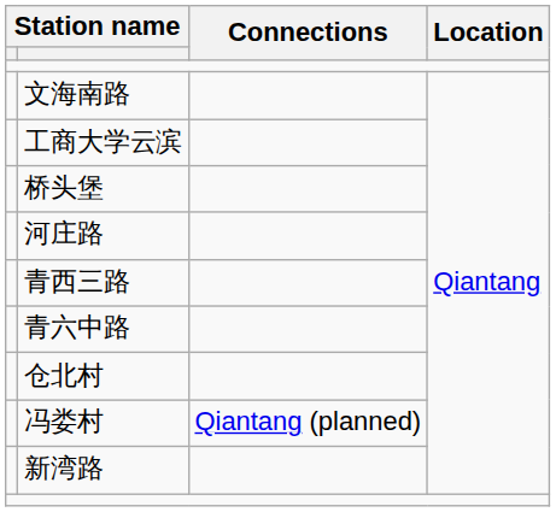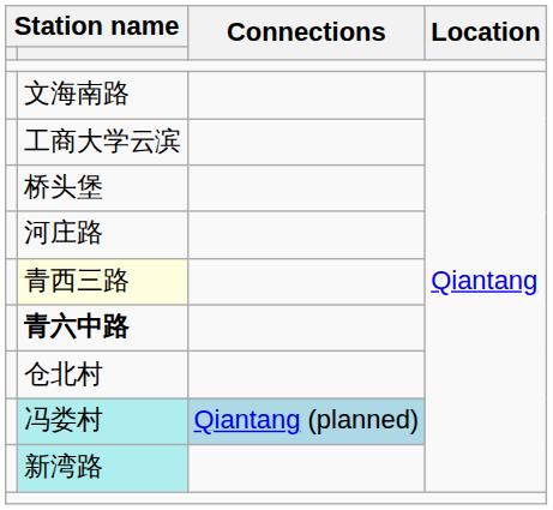 <table class="wikitable">
 <tr>
 <th colspan="2">Station name</th>
 <th rowspan="2">Connections</th>
 <th rowspan="2">Location</th>
 </tr>
 <tr>
 <th></th>
 <th></th>
 </tr>
 <tr style="background:#">
 <td colspan = "4"></td>
 </tr>
 <tr>
 <td></td>
 <td><span>文海南路</span></td>
 <td></td>
 <td rowspan="9"><a href='#'>Qiantang</a></td>
 </tr>
 <tr>
 <td></td>
 <td><span>工商大学云滨</span></td>
 <td></td>
 </tr>
 <tr>
 <td></td>
 <td><span>桥头堡</span></td>
 <td></td>
 </tr>
 <tr>
 <td></td>
 <td><span>河庄路</span></td>
 <td></td>
 </tr>
 <tr>
 <td></td>
-<td><span>青西三路</span></td>
+<td style="background: lightyellow;"><span>青西三路</span></td>
 <td></td>
 </tr>
 <tr>
 <td></td>
-<td><span>青六中路</span></td>
+<td><strong><span>青六中路</span></strong></td>
 <td></td>
 </tr>
 <tr>
 <td></td>
 <td><span>仓北村</span></td>
 <td></td>
 </tr>
 <tr>
 <td></td>
-<td><span>冯娄村</span></td>
-<td {{nowrap> <a href='#'>Qiantang</a> (planned)</td>
+<td style="background: paleturquoise;"><span>冯娄村</span></td>
+<td {{nowrap style="background: lightblue;"> <a href='#'>Qiantang</a> (planned)</td>
 </tr>
 <tr>
 <td></td>
-<td><span>新湾路</span></td>
+<td style="background: paleturquoise;"><span>新湾路</span></td>
 <td></td>
 </tr>
 <tr style="background:#">
 <td colspan = "4"></td>
 </tr>
 </table>
